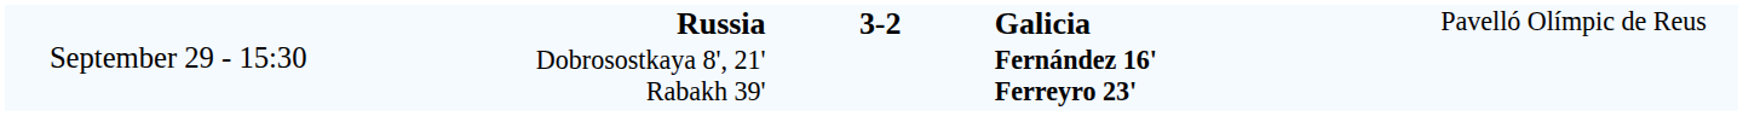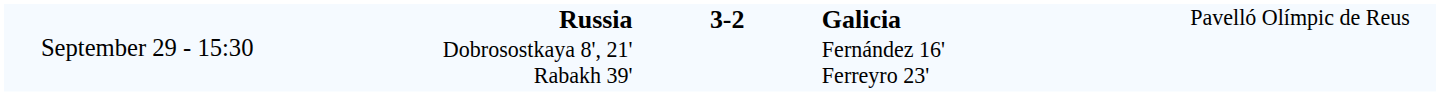 <table style="width: 100%; background:#F5FAFF;" cellspacing="0">
 <tr>
 <td style=font-size:95% align=center rowspan=3 width=20%>September 29 - 15:30</td>
 </tr>
 <tr>
 <td width=24% align=right><strong>Russia</strong></td>
 <td align=center width=13%><strong>3-2</strong></td>
 <td width=24%><strong>Galicia</strong></td>
 <td style=font-size:85% rowspan=3 valign=top align=center>Pavelló Olímpic de Reus</td>
 </tr>
 <tr style=font-size:85%>
 <td align=right valign=top>Dobrosostkaya 8', 21'<br>Rabakh 39'</td>
 <td></td>
-<td valign=top><strong>Fernández 16'<br>Ferreyro 23'</strong></td>
+<td valign=top>Fernández 16'<br>Ferreyro 23'</td>
 </tr>
 </table>
